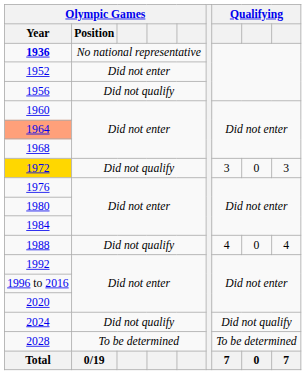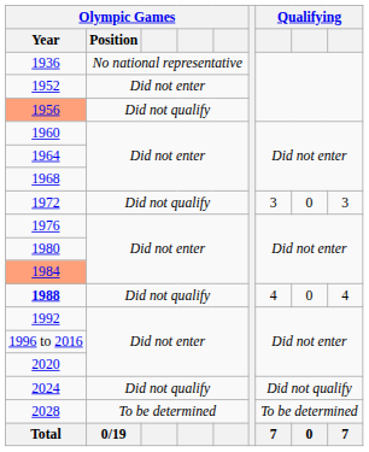 <table class="wikitable" style="text-align: center;font-size:90%;">
 <tr>
 <th colspan=5><a href='#'>Olympic Games</a></th>
 <th rowspan=19></th>
 <th colspan=3><a href='#'>Qualifying</a></th>
 </tr>
 <tr>
 <th>Year</th>
 <th>Position</th>
 <th width=30></th>
 <th width=30></th>
 <th width=30></th>
 <th width=30></th>
 <th width=30></th>
 <th width=30></th>
 </tr>
 <tr>
-<td><strong> <a href='#'>1936</a></strong></td>
+<td> <a href='#'>1936</a></td>
 <td colspan=4><em>No national representative</em></td>
 </tr>
 <tr>
 <td> <a href='#'>1952</a></td>
 <td colspan=4><em>Did not enter</em></td>
 </tr>
 <tr>
-<td> <a href='#'>1956</a></td>
+<td style="background: lightsalmon;"> <a href='#'>1956</a></td>
 <td colspan=4><em>Did not qualify</em></td>
 </tr>
 <tr>
 <td> <a href='#'>1960</a></td>
 <td colspan=4 rowspan=3><em>Did not enter</em></td>
 <td colspan=3 rowspan=3><em>Did not enter</em></td>
 </tr>
 <tr>
-<td style="background: lightsalmon;"> <a href='#'>1964</a></td>
+<td> <a href='#'>1964</a></td>
 </tr>
 <tr>
 <td> <a href='#'>1968</a></td>
 </tr>
 <tr>
-<td style="background: gold;"> <a href='#'>1972</a></td>
+<td> <a href='#'>1972</a></td>
 <td colspan=4><em>Did not qualify</em></td>
 <td>3</td>
 <td>0</td>
 <td>3</td>
 </tr>
 <tr>
 <td> <a href='#'>1976</a></td>
 <td colspan=4 rowspan=3><em>Did not enter</em></td>
 <td colspan=3 rowspan=3><em>Did not enter</em></td>
 </tr>
 <tr>
 <td> <a href='#'>1980</a></td>
 </tr>
 <tr>
-<td> <a href='#'>1984</a></td>
+<td style="background: lightsalmon;"> <a href='#'>1984</a></td>
 </tr>
 <tr>
-<td> <a href='#'>1988</a></td>
+<td><strong> <a href='#'>1988</a></strong></td>
 <td colspan=4><em>Did not qualify</em></td>
 <td>4</td>
 <td>0</td>
 <td>4</td>
 </tr>
 <tr>
 <td> <a href='#'>1992</a></td>
 <td colspan=4 rowspan=3><em>Did not enter</em></td>
 <td colspan=3 rowspan=3><em>Did not enter</em></td>
 </tr>
 <tr>
 <td><a href='#'>1996</a> to <a href='#'>2016</a></td>
 </tr>
 <tr>
 <td> <a href='#'>2020</a></td>
 </tr>
 <tr>
 <td> <a href='#'>2024</a></td>
 <td colspan=4><em>Did not qualify</em></td>
 <td colspan=3><em>Did not qualify</em></td>
 </tr>
 <tr>
 <td> <a href='#'>2028</a></td>
 <td colspan=4><em>To be determined</em></td>
 <td colspan=3><em>To be determined</em></td>
 </tr>
 <tr>
 <th>Total</th>
 <th>0/19</th>
 <th></th>
 <th></th>
 <th></th>
 <th>7</th>
 <th>0</th>
 <th>7</th>
 </tr>
 </table>
